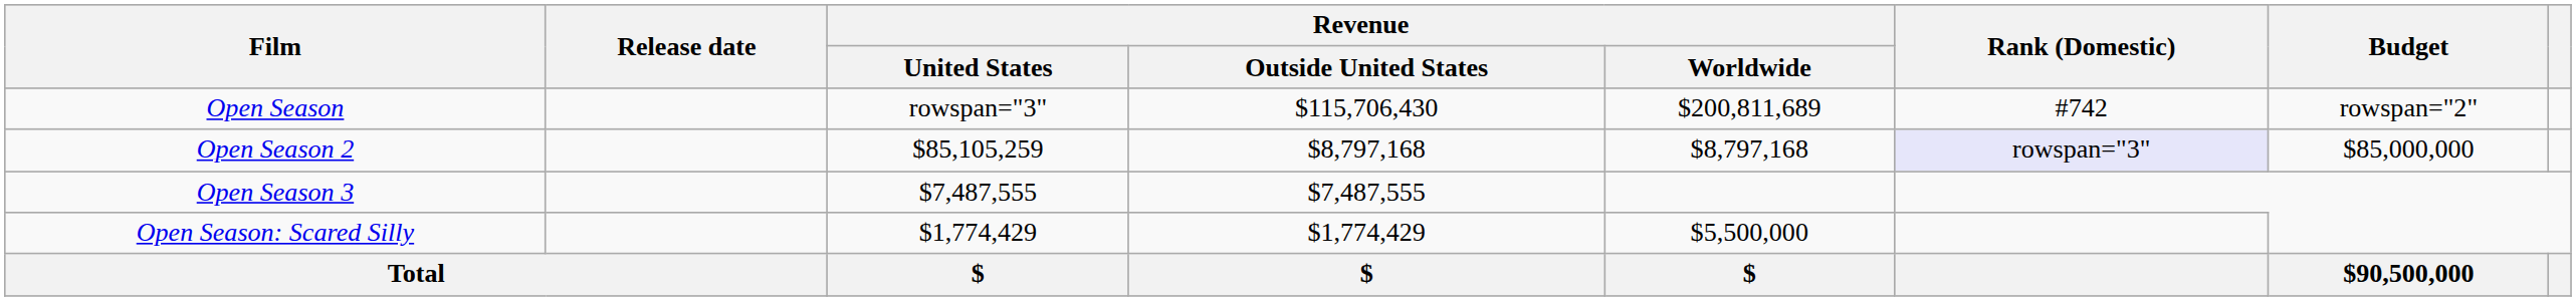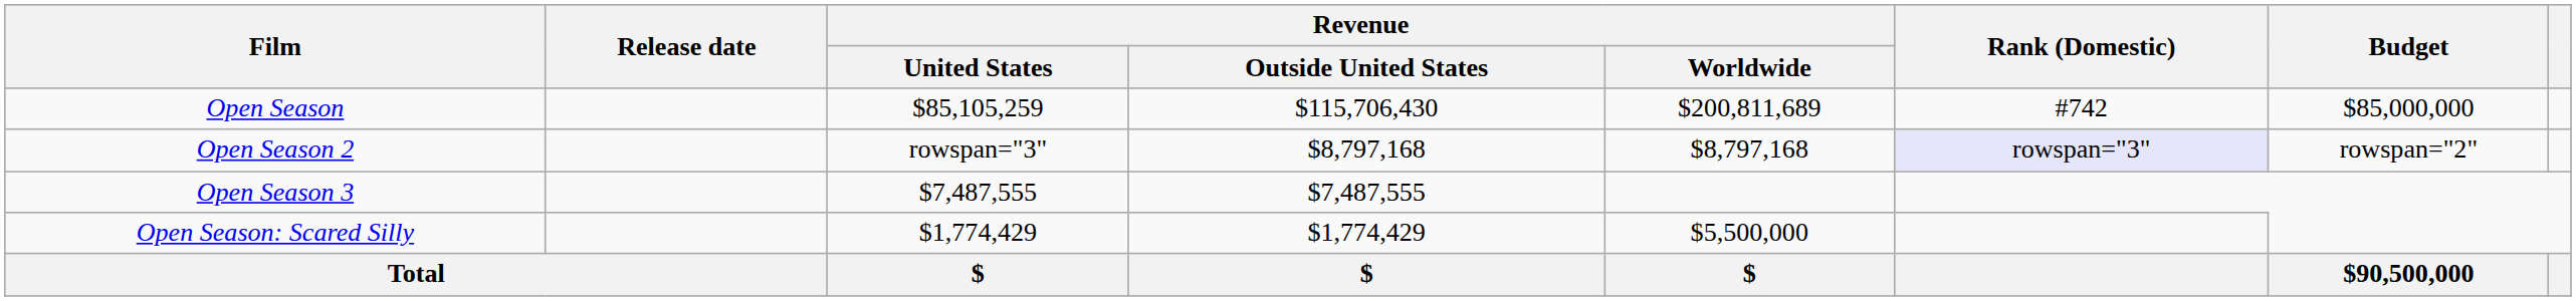 <table class="wikitable" width=99% border="1" style="text-align: center;">
 <tr>
 <th rowspan="2">Film</th>
 <th rowspan="2">Release date</th>
 <th colspan="3">Revenue</th>
 <th rowspan="2">Rank (Domestic)</th>
 <th rowspan="2">Budget</th>
 <th rowspan="2"></th>
 </tr>
 <tr>
 <th>United States</th>
 <th>Outside United States</th>
 <th>Worldwide</th>
 </tr>
 <tr>
 <td><em><a href='#'>Open Season</a></em></td>
 <td></td>
-<td>rowspan="3" </td>
+<td>$85,105,259</td>
 <td>$115,706,430</td>
 <td>$200,811,689</td>
 <td align="center">#742</td>
-<td>rowspan="2" </td>
+<td align="center">$85,000,000</td>
 <td align="center"></td>
 </tr>
 <tr>
 <td><em><a href='#'>Open Season 2</a></em></td>
 <td></td>
-<td>$85,105,259</td>
+<td>rowspan="3" </td>
 <td>$8,797,168</td>
 <td>$8,797,168</td>
 <td style="background: lavender;">rowspan="3" </td>
-<td align="center">$85,000,000</td>
+<td>rowspan="2" </td>
 <td align="center"></td>
 </tr>
 <tr>
 <td><em><a href='#'>Open Season 3</a></em></td>
 <td></td>
 <td>$7,487,555</td>
 <td>$7,487,555</td>
 <td align="center"></td>
 </tr>
 <tr>
 <td><em><a href='#'>Open Season: Scared Silly</a></em></td>
 <td></td>
 <td>$1,774,429</td>
 <td>$1,774,429</td>
 <td align="center">$5,500,000</td>
 <td align="center"></td>
 </tr>
 <tr>
 <th colspan=2>Total</th>
 <th>$</th>
 <th>$</th>
 <th>$</th>
 <th></th>
 <th>$90,500,000</th>
 <th></th>
 </tr>
 </table>
